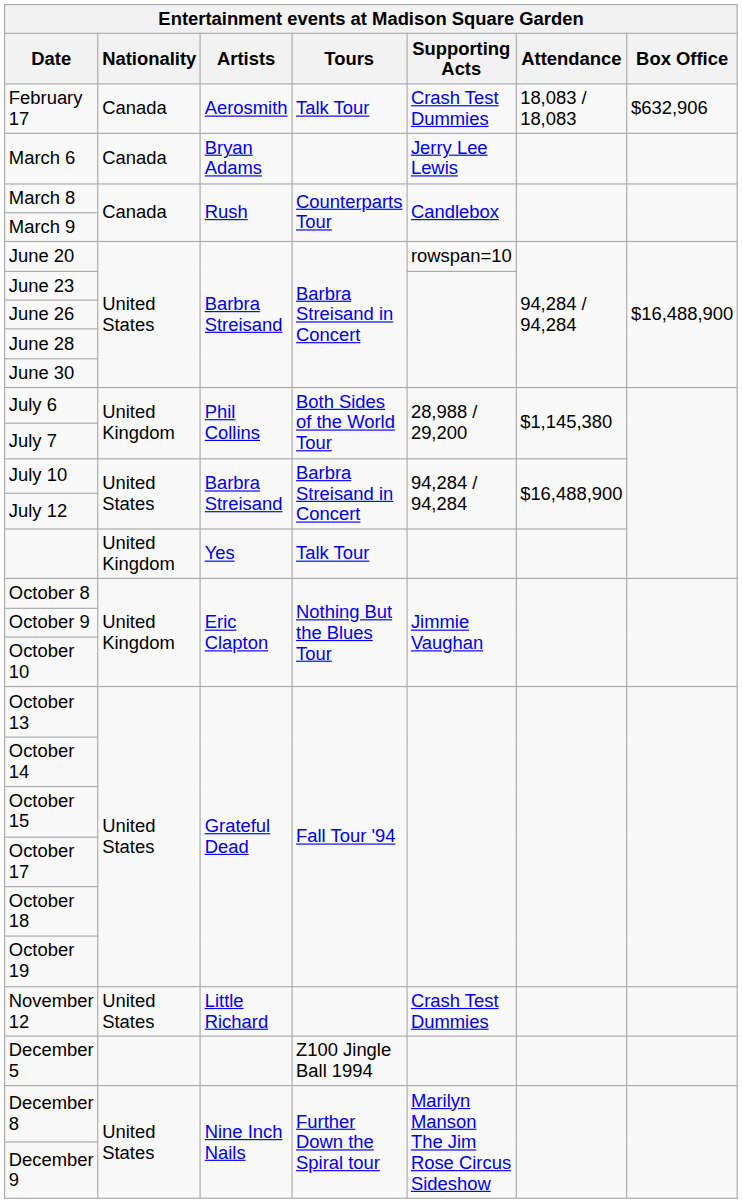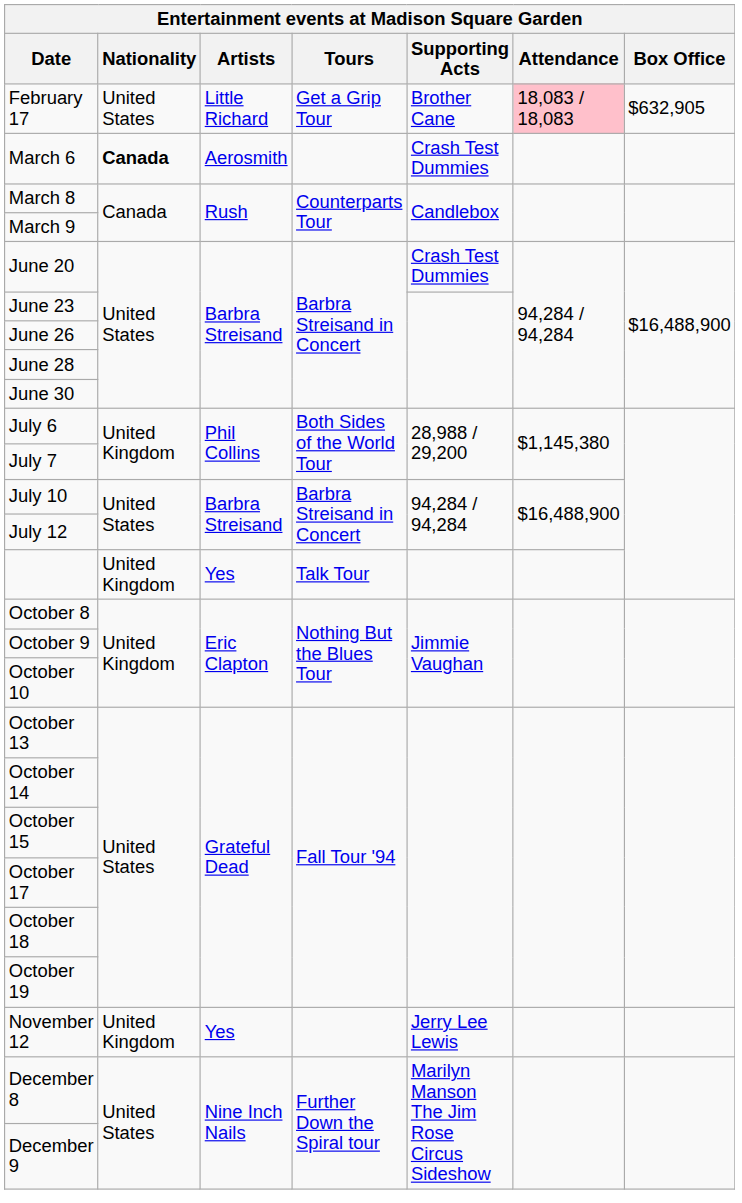 <table class="wikitable">
 <tr>
 <th colspan="7">Entertainment events at Madison Square Garden</th>
 </tr>
 <tr>
 <th width=100>Date</th>
 <th width=150>Nationality</th>
 <th width=200>Artists</th>
 <th width=300>Tours</th>
 <th width=200>Supporting Acts</th>
 <th width=100>Attendance</th>
 <th width=100>Box Office</th>
 </tr>
 <tr>
 <td>February 17</td>
-<td>Canada</td>
-<td><a href='#'>Aerosmith</a></td>
-<td><a href='#'>Talk Tour</a></td>
-<td><a href='#'>Crash Test Dummies</a></td>
-<td>18,083 / 18,083</td>
-<td>$632,906</td>
+<td>United States</td>
+<td><a href='#'>Little Richard</a></td>
+<td><a href='#'>Get a Grip Tour</a></td>
+<td><a href='#'>Brother Cane</a></td>
+<td style="background: pink;">18,083 / 18,083</td>
+<td>$632,905</td>
 </tr>
 <tr>
 <td>March 6</td>
-<td>Canada</td>
-<td><a href='#'>Bryan Adams</a></td>
+<td><strong>Canada</strong></td>
+<td><a href='#'>Aerosmith</a></td>
 <td></td>
-<td><a href='#'>Jerry Lee Lewis</a></td>
+<td><a href='#'>Crash Test Dummies</a></td>
 <td></td>
 <td></td>
 </tr>
 <tr>
 <td>March 8</td>
 <td rowspan=2>Canada</td>
 <td rowspan=2><a href='#'>Rush</a></td>
 <td rowspan=2><a href='#'>Counterparts Tour</a></td>
 <td rowspan=2><a href='#'>Candlebox</a></td>
 <td rowspan=2></td>
 <td rowspan=2></td>
 </tr>
 <tr>
 <td>March 9</td>
 </tr>
 <tr>
 <td>June 20</td>
 <td rowspan=5>United States</td>
 <td rowspan=5><a href='#'>Barbra Streisand</a></td>
 <td rowspan=5><a href='#'>Barbra Streisand in Concert</a></td>
-<td>rowspan=10 </td>
+<td><a href='#'>Crash Test Dummies</a></td>
 <td rowspan=5>94,284 / 94,284</td>
 <td rowspan=5>$16,488,900</td>
 </tr>
 <tr>
 <td>June 23</td>
 </tr>
 <tr>
 <td>June 26</td>
 </tr>
 <tr>
 <td>June 28</td>
 </tr>
 <tr>
 <td>June 30</td>
 </tr>
 <tr>
 <td>July 6</td>
 <td rowspan=2>United Kingdom</td>
 <td rowspan=2><a href='#'>Phil Collins</a></td>
 <td rowspan=2><a href='#'>Both Sides of the World Tour</a></td>
 <td rowspan=2>28,988 / 29,200</td>
 <td rowspan=2>$1,145,380</td>
 </tr>
 <tr>
 <td>July 7</td>
 </tr>
 <tr>
 <td>July 10</td>
 <td rowspan=2>United States</td>
 <td rowspan=2><a href='#'>Barbra Streisand</a></td>
 <td rowspan=2><a href='#'>Barbra Streisand in Concert</a></td>
 <td rowspan=2>94,284 / 94,284</td>
 <td rowspan=2>$16,488,900</td>
 </tr>
 <tr>
 <td>July 12</td>
 </tr>
 <tr>
 <td></td>
 <td>United Kingdom</td>
 <td><a href='#'>Yes</a></td>
 <td><a href='#'>Talk Tour</a></td>
 <td></td>
 <td></td>
 </tr>
 <tr>
 <td>October 8</td>
 <td rowspan=3>United Kingdom</td>
 <td rowspan=3><a href='#'>Eric Clapton</a></td>
 <td rowspan=3><a href='#'>Nothing But the Blues Tour</a></td>
 <td rowspan=3><a href='#'>Jimmie Vaughan</a></td>
 <td rowspan=3></td>
 <td rowspan=3></td>
 </tr>
 <tr>
 <td>October 9</td>
 </tr>
 <tr>
 <td>October 10</td>
 </tr>
 <tr>
 <td>October 13</td>
 <td rowspan=6>United States</td>
 <td rowspan=6><a href='#'>Grateful Dead</a></td>
 <td rowspan=6><a href='#'>Fall Tour '94</a></td>
 <td rowspan=6></td>
 <td rowspan=6></td>
 <td rowspan=6></td>
 </tr>
 <tr>
 <td>October 14</td>
 </tr>
 <tr>
 <td>October 15</td>
 </tr>
 <tr>
 <td>October 17</td>
 </tr>
 <tr>
 <td>October 18</td>
 </tr>
 <tr>
 <td>October 19</td>
 </tr>
 <tr>
 <td>November 12</td>
-<td>United States</td>
-<td><a href='#'>Little Richard</a></td>
+<td>United Kingdom</td>
+<td><a href='#'>Yes</a></td>
 <td></td>
-<td><a href='#'>Crash Test Dummies</a></td>
-<td></td>
-<td></td>
-</tr>
-<tr>
-<td>December 5</td>
-<td></td>
-<td></td>
-<td>Z100 Jingle Ball 1994</td>
-<td></td>
+<td><a href='#'>Jerry Lee Lewis</a></td>
 <td></td>
 <td></td>
 </tr>
 <tr>
 <td>December 8</td>
 <td rowspan=2>United States</td>
 <td rowspan=2><a href='#'>Nine Inch Nails</a></td>
 <td rowspan=2><a href='#'>Further Down the Spiral tour</a></td>
 <td rowspan=2><a href='#'>Marilyn Manson</a><br><a href='#'>The Jim Rose Circus Sideshow</a></td>
 <td rowspan=2></td>
 <td rowspan=2></td>
 </tr>
 <tr>
 <td>December 9</td>
 </tr>
 </table>
